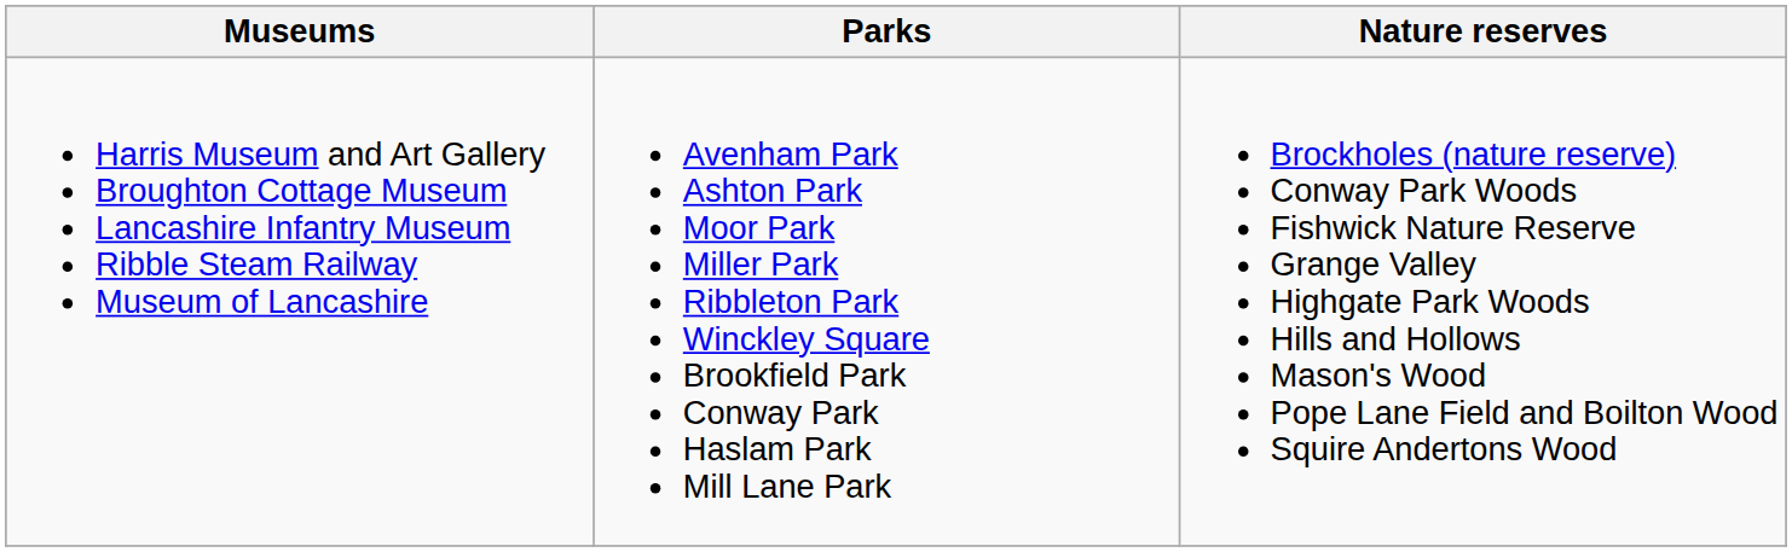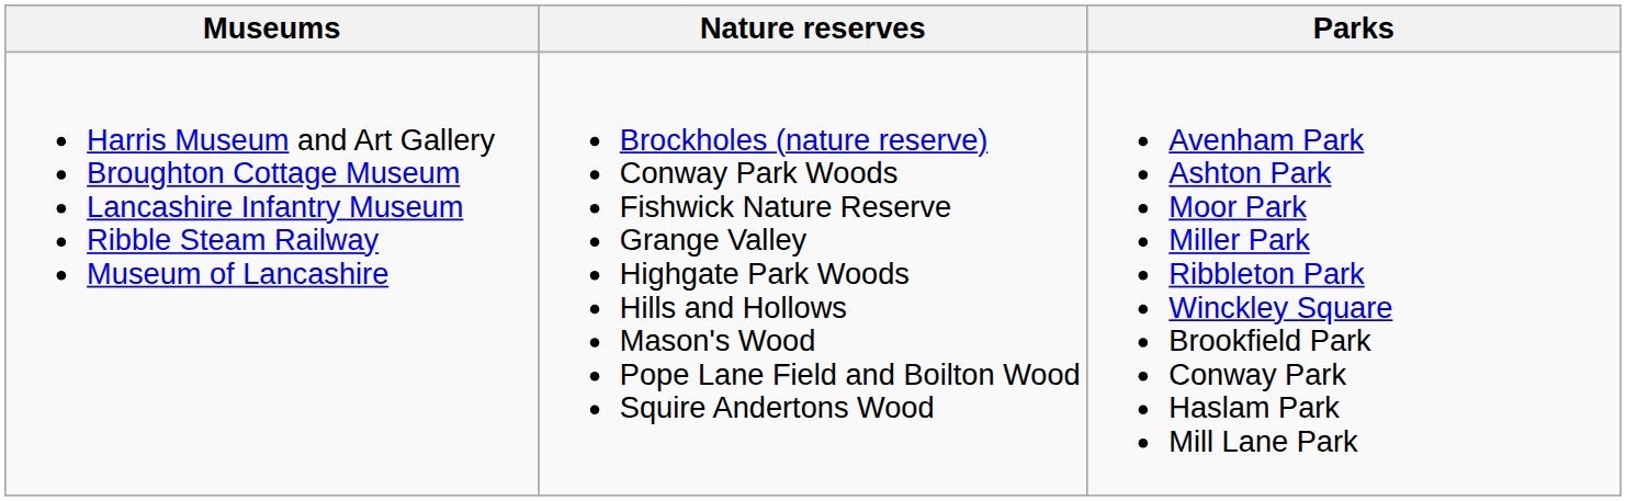 <table class="wikitable">
 <tr>
 <th style="width:33%;">Museums</th>
+<th>Nature reserves</th>
 <th style="width:33%;">Parks</th>
-<th>Nature reserves</th>
 </tr>
 <tr valign="top">
 <td><br><ul><li><a href='#'>Harris Museum</a> and Art Gallery</li><li><a href='#'>Broughton Cottage Museum</a></li><li><a href='#'>Lancashire Infantry Museum</a></li><li><a href='#'>Ribble Steam Railway</a></li><li><a href='#'>Museum of Lancashire</a></li></ul></td>
+<td><br><ul><li><a href='#'>Brockholes (nature reserve)</a></li><li>Conway Park Woods</li><li>Fishwick Nature Reserve</li><li>Grange Valley</li><li>Highgate Park Woods</li><li>Hills and Hollows</li><li>Mason's Wood</li><li>Pope Lane Field and Boilton Wood</li><li>Squire Andertons Wood</li></ul></td>
 <td><br><ul><li><a href='#'>Avenham Park</a></li><li><a href='#'>Ashton Park</a></li><li><a href='#'>Moor Park</a></li><li><a href='#'>Miller Park</a></li><li><a href='#'>Ribbleton Park</a></li><li><a href='#'>Winckley Square</a></li><li>Brookfield Park</li><li>Conway Park</li><li>Haslam Park</li><li>Mill Lane Park</li></ul></td>
-<td><br><ul><li><a href='#'>Brockholes (nature reserve)</a></li><li>Conway Park Woods</li><li>Fishwick Nature Reserve</li><li>Grange Valley</li><li>Highgate Park Woods</li><li>Hills and Hollows</li><li>Mason's Wood</li><li>Pope Lane Field and Boilton Wood</li><li>Squire Andertons Wood</li></ul></td>
 </tr>
 </table>
